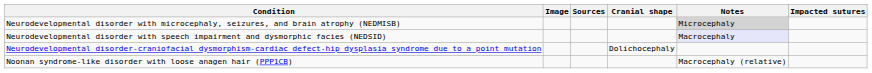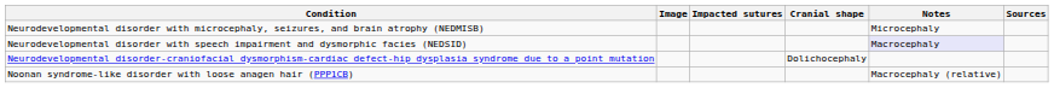 <table class="wikitable sortable">
 <tr>
 <th>Condition</th>
 <th>Image</th>
-<th>Sources</th>
+<th>Impacted sutures</th>
 <th>Cranial shape</th>
 <th>Notes</th>
-<th>Impacted sutures</th>
+<th>Sources</th>
 </tr>
 <tr>
 <td>Neurodevelopmental disorder with microcephaly, seizures, and brain atrophy (NEDMISB)</td>
 <td></td>
 <td></td>
 <td></td>
-<td style="background: lightgrey;">Microcephaly</td>
+<td>Microcephaly</td>
 <td></td>
 </tr>
 <tr>
 <td>Neurodevelopmental disorder with speech impairment and dysmorphic facies (NEDSID)</td>
 <td></td>
 <td></td>
 <td></td>
 <td style="background: lavender;">Macrocephaly</td>
 <td></td>
 </tr>
 <tr>
 <td><a href='#'>Neurodevelopmental disorder-craniofacial dysmorphism-cardiac defect-hip dysplasia syndrome due to a point mutation</a></td>
 <td></td>
 <td></td>
 <td>Dolichocephaly</td>
 <td></td>
 <td></td>
 </tr>
 <tr>
 <td>Noonan syndrome-like disorder with loose anagen hair (<a href='#'>PPP1CB</a>)</td>
 <td></td>
 <td></td>
 <td></td>
 <td>Macrocephaly (relative)</td>
 <td></td>
 </tr>
 </table>
